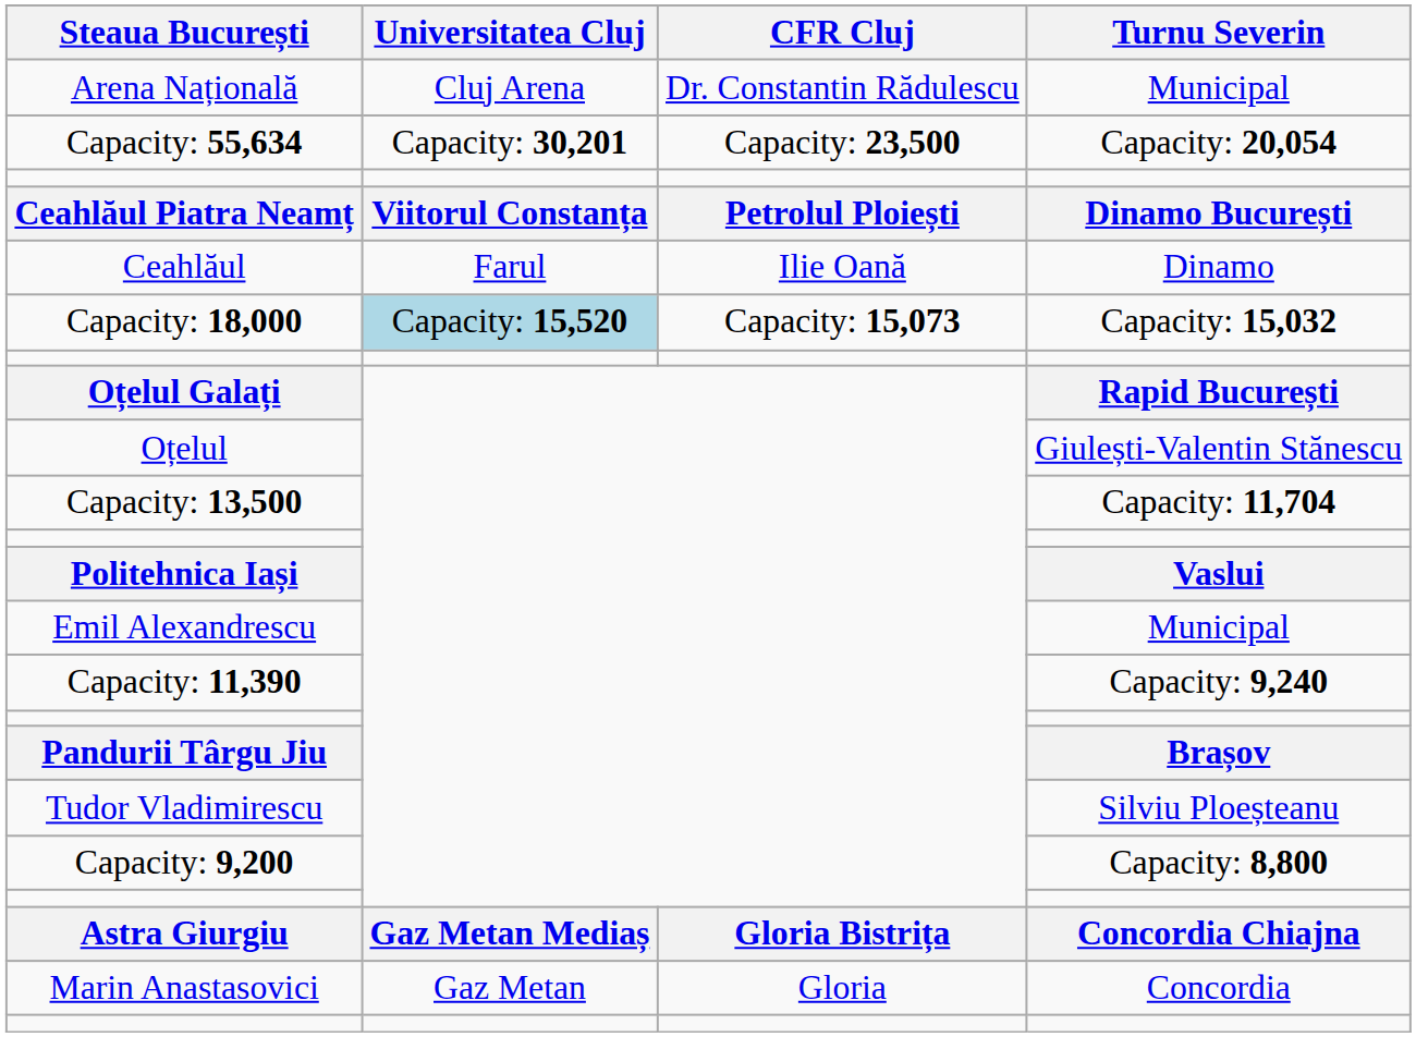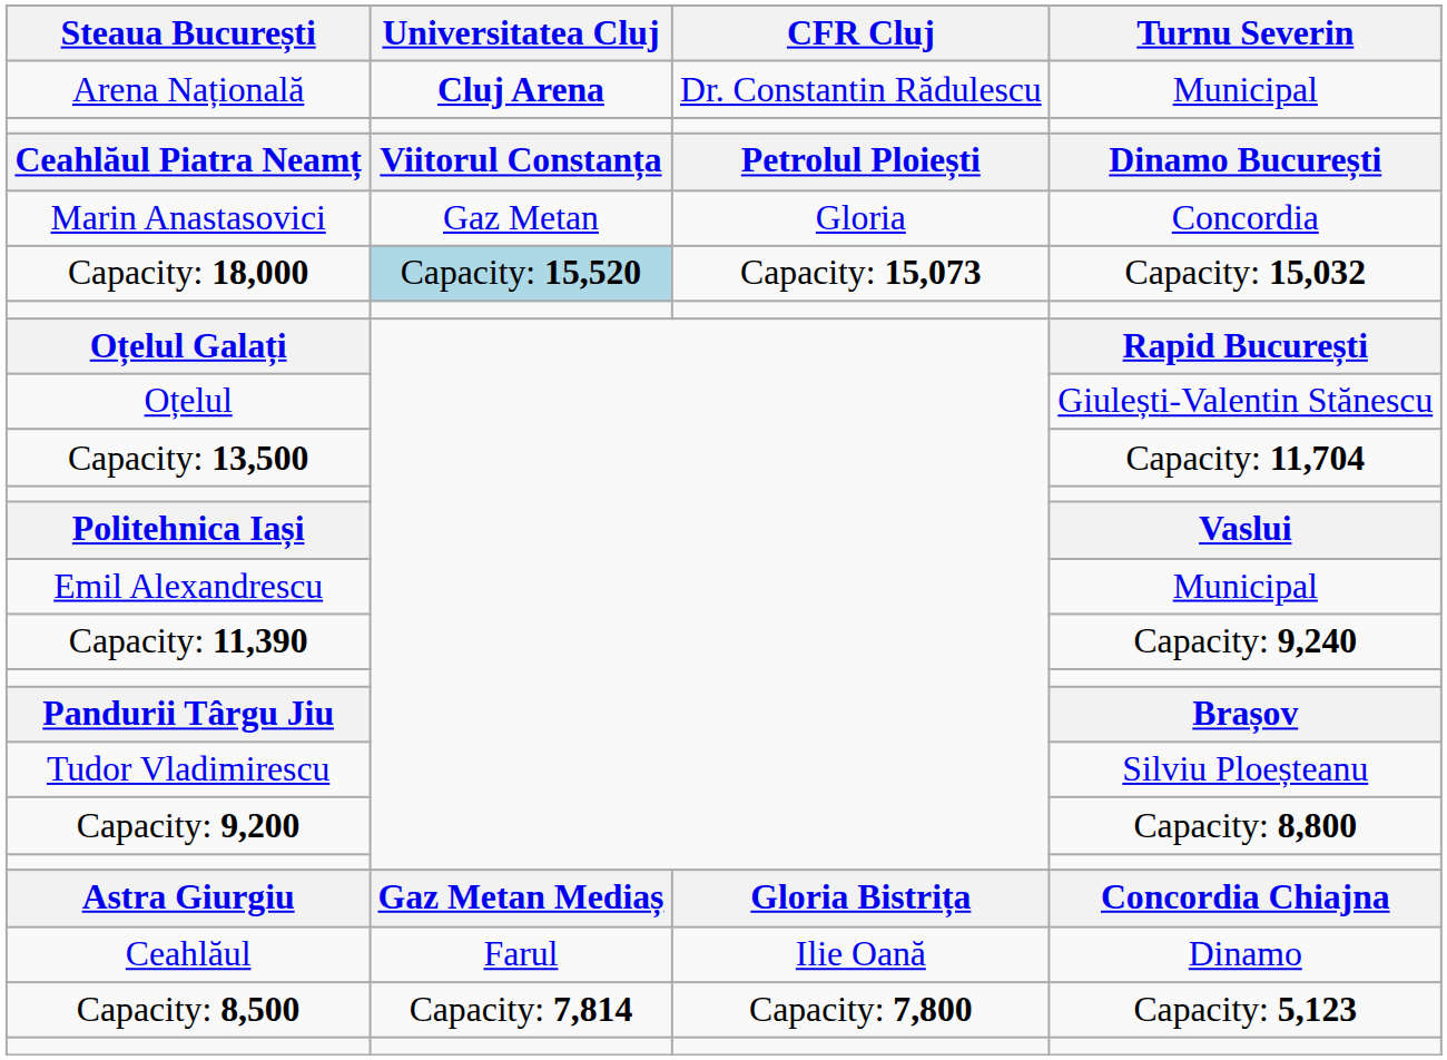 <table class="wikitable" style="text-align:center;margin:0.5em auto;">
 <tr>
 <th><a href='#'>Steaua București</a></th>
 <th><a href='#'>Universitatea Cluj</a></th>
 <th><a href='#'>CFR Cluj</a></th>
 <th><a href='#'>Turnu Severin</a></th>
 </tr>
 <tr>
 <td><a href='#'>Arena Națională</a></td>
-<td><a href='#'>Cluj Arena</a></td>
+<td><strong><a href='#'>Cluj Arena</a></strong></td>
 <td><a href='#'>Dr. Constantin Rădulescu</a></td>
 <td><a href='#'>Municipal</a></td>
-</tr>
-<tr>
-<td>Capacity: <strong>55,634</strong></td>
-<td>Capacity: <strong>30,201</strong></td>
-<td>Capacity: <strong>23,500</strong></td>
-<td>Capacity: <strong>20,054</strong></td>
 </tr>
 <tr>
 <td></td>
 <td></td>
 <td></td>
 <td></td>
 </tr>
 <tr>
 <th><a href='#'>Ceahlăul Piatra Neamț</a></th>
 <th><a href='#'>Viitorul Constanța</a></th>
 <th><a href='#'>Petrolul Ploiești</a></th>
 <th><a href='#'>Dinamo București</a></th>
 </tr>
 <tr>
-<td><a href='#'>Ceahlăul</a></td>
-<td><a href='#'>Farul</a></td>
-<td><a href='#'>Ilie Oană</a></td>
-<td><a href='#'>Dinamo</a></td>
+<td><a href='#'>Marin Anastasovici</a></td>
+<td><a href='#'>Gaz Metan</a></td>
+<td><a href='#'>Gloria</a></td>
+<td><a href='#'>Concordia</a></td>
 </tr>
 <tr>
 <td>Capacity: <strong>18,000</strong></td>
 <td style="background: lightblue;">Capacity: <strong>15,520</strong></td>
 <td>Capacity: <strong>15,073</strong></td>
 <td>Capacity: <strong>15,032</strong></td>
 </tr>
 <tr>
 <td></td>
 <td></td>
 <td></td>
 <td></td>
 </tr>
 <tr>
 <th><a href='#'>Oțelul Galați</a></th>
 <td colspan="2" rowspan="12"><br> </td>
 <th><a href='#'>Rapid București</a></th>
 </tr>
 <tr>
 <td><a href='#'>Oțelul</a></td>
 <td><a href='#'>Giulești-Valentin Stănescu</a></td>
 </tr>
 <tr>
 <td>Capacity: <strong>13,500</strong></td>
 <td>Capacity: <strong>11,704</strong></td>
 </tr>
 <tr>
 <td></td>
 <td></td>
 </tr>
 <tr>
 <th><a href='#'>Politehnica Iași</a></th>
 <th><a href='#'>Vaslui</a></th>
 </tr>
 <tr>
 <td><a href='#'>Emil Alexandrescu</a></td>
 <td><a href='#'>Municipal</a></td>
 </tr>
 <tr>
 <td>Capacity: <strong>11,390</strong></td>
 <td>Capacity: <strong>9,240</strong></td>
 </tr>
 <tr>
 <td></td>
 <td></td>
 </tr>
 <tr>
 <th><a href='#'>Pandurii Târgu Jiu</a></th>
 <th><a href='#'>Brașov</a></th>
 </tr>
 <tr>
 <td><a href='#'>Tudor Vladimirescu</a></td>
 <td><a href='#'>Silviu Ploeșteanu</a></td>
 </tr>
 <tr>
 <td>Capacity: <strong>9,200</strong></td>
 <td>Capacity: <strong>8,800</strong></td>
 </tr>
 <tr>
 <td></td>
 <td></td>
 </tr>
 <tr>
 <th><a href='#'>Astra Giurgiu</a></th>
 <th><a href='#'>Gaz Metan Mediaș</a></th>
 <th><a href='#'>Gloria Bistrița</a></th>
 <th><a href='#'>Concordia Chiajna</a></th>
 </tr>
 <tr>
-<td><a href='#'>Marin Anastasovici</a></td>
-<td><a href='#'>Gaz Metan</a></td>
-<td><a href='#'>Gloria</a></td>
-<td><a href='#'>Concordia</a></td>
+<td><a href='#'>Ceahlăul</a></td>
+<td><a href='#'>Farul</a></td>
+<td><a href='#'>Ilie Oană</a></td>
+<td><a href='#'>Dinamo</a></td>
+</tr>
+<tr>
+<td>Capacity: <strong>8,500</strong></td>
+<td>Capacity: <strong>7,814</strong></td>
+<td>Capacity: <strong>7,800</strong></td>
+<td>Capacity: <strong>5,123</strong></td>
 </tr>
 <tr>
 <td></td>
 <td></td>
 <td></td>
 <td></td>
 </tr>
 </table>
